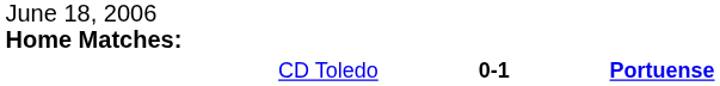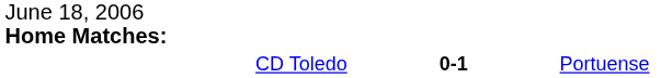 <table width=100% cellspacing=1>
 <tr>
 <th width=20%></th>
 <th width=12%></th>
 <th width=20%></th>
 <th></th>
 </tr>
 <tr>
 <td>June 18, 2006<br><strong>Home Matches:</strong></td>
 </tr>
 <tr style=font-size:90%>
 <td align=right><a href='#'>CD Toledo</a></td>
 <td align=center><strong>0-1</strong></td>
-<td><strong><a href='#'>Portuense</a></strong></td>
+<td><a href='#'>Portuense</a></td>
 </tr>
 </table>
